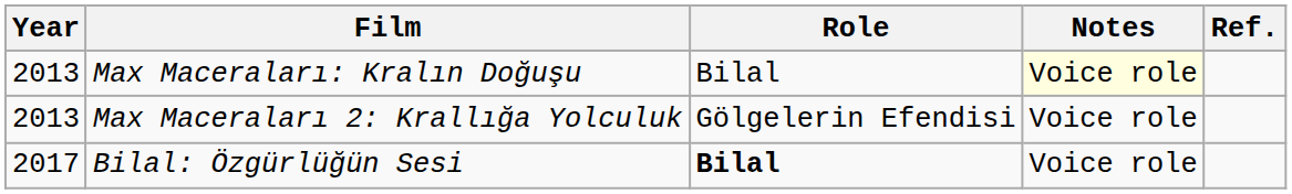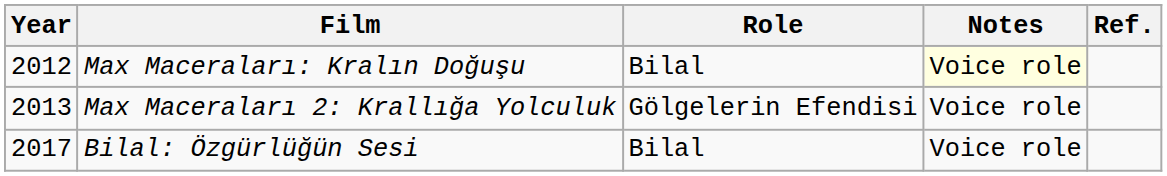 <table class="wikitable">
 <tr>
 <th>Year</th>
 <th>Film</th>
 <th>Role</th>
 <th>Notes</th>
 <th>Ref.</th>
 </tr>
 <tr>
-<td>2013</td>
+<td>2012</td>
 <td><em>Max Maceraları: Kralın Doğuşu</em></td>
 <td>Bilal</td>
 <td style="background: lightyellow;">Voice role</td>
 <td></td>
 </tr>
 <tr>
 <td>2013</td>
 <td><em>Max Maceraları 2: Krallığa Yolculuk</em></td>
 <td>Gölgelerin Efendisi</td>
 <td>Voice role</td>
 <td></td>
 </tr>
 <tr>
 <td>2017</td>
 <td><em>Bilal: Özgürlüğün Sesi</em></td>
-<td><strong>Bilal</strong></td>
+<td>Bilal</td>
 <td>Voice role</td>
 <td></td>
 </tr>
 </table>
